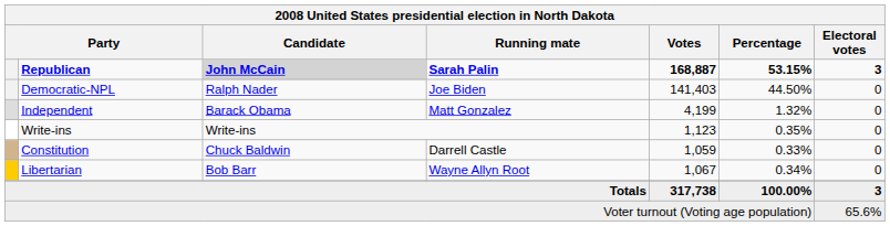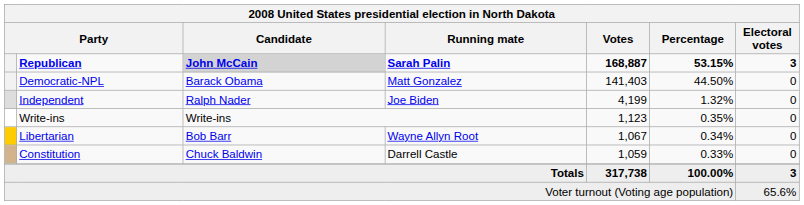 <table class="wikitable" style="font-size: 95%;">
 <tr>
 <th colspan="7">2008 United States presidential election in North Dakota</th>
 </tr>
 <tr>
 <th colspan="2" style="width: 15em">Party</th>
 <th style="width: 17em">Candidate</th>
 <th style="width: 17em">Running mate</th>
 <th style="width: 5em">Votes</th>
 <th style="width: 7em">Percentage</th>
 <th style="width: 5em">Electoral votes</th>
 </tr>
 <tr>
 <th style="background-color:"></th>
 <td style="width: 130px"><strong><a href='#'>Republican</a></strong></td>
 <td style="background: lightgrey;"><strong><a href='#'>John McCain</a></strong></td>
 <td><strong><a href='#'>Sarah Palin</a></strong></td>
 <td align="right"><strong>168,887</strong></td>
 <td align="right"><strong>53.15%</strong></td>
 <td align="right"><strong>3</strong></td>
 </tr>
 <tr>
 <th style="background-color:"></th>
 <td style="width: 130px"><a href='#'>Democratic-NPL</a></td>
-<td><a href='#'>Ralph Nader</a></td>
-<td><a href='#'>Joe Biden</a></td>
+<td><a href='#'>Barack Obama</a></td>
+<td><a href='#'>Matt Gonzalez</a></td>
 <td align="right">141,403</td>
 <td align="right">44.50%</td>
 <td align="right">0</td>
 </tr>
 <tr>
 <th style="background-color:#DDDDDD; width: 3px"></th>
 <td style="width: 130px"><a href='#'>Independent</a></td>
-<td><a href='#'>Barack Obama</a></td>
-<td><a href='#'>Matt Gonzalez</a></td>
+<td><a href='#'>Ralph Nader</a></td>
+<td><a href='#'>Joe Biden</a></td>
 <td align="right">4,199</td>
 <td align="right">1.32%</td>
 <td align="right">0</td>
 </tr>
 <tr>
 <th style="background-color:#FFFFFF; width: 3px"></th>
 <td style="width: 130px">Write-ins</td>
 <td colspan="2">Write-ins</td>
 <td align="right">1,123</td>
 <td align="right">0.35%</td>
 <td align="right">0</td>
 </tr>
 <tr>
+<th style="background-color:#FFCC00; width: 3px"></th>
+<td style="width: 130px"><a href='#'>Libertarian</a></td>
+<td><a href='#'>Bob Barr</a></td>
+<td><a href='#'>Wayne Allyn Root</a></td>
+<td align="right">1,067</td>
+<td align="right">0.34%</td>
+<td align="right">0</td>
+</tr>
+<tr>
 <th style="background-color:#D2B48C; width: 3px"></th>
 <td style="width: 130px"><a href='#'>Constitution</a></td>
 <td><a href='#'>Chuck Baldwin</a></td>
 <td>Darrell Castle</td>
 <td align="right">1,059</td>
 <td align="right">0.33%</td>
-<td align="right">0</td>
-</tr>
-<tr>
-<th style="background-color:#FFCC00; width: 3px"></th>
-<td style="width: 130px"><a href='#'>Libertarian</a></td>
-<td><a href='#'>Bob Barr</a></td>
-<td><a href='#'>Wayne Allyn Root</a></td>
-<td align="right">1,067</td>
-<td align="right">0.34%</td>
 <td align="right">0</td>
 </tr>
 <tr>
 </tr>
 <tr bgcolor="#EEEEEE">
 <td colspan="4" align="right"><strong>Totals</strong></td>
 <td align="right"><strong>317,738</strong></td>
 <td align="right"><strong>100.00%</strong></td>
 <td align="right"><strong>3</strong></td>
 </tr>
 <tr bgcolor="#EEEEEE">
 <td colspan="6" align="right">Voter turnout (Voting age population)</td>
 <td colspan="1" align="right">65.6%</td>
 </tr>
 </table>
